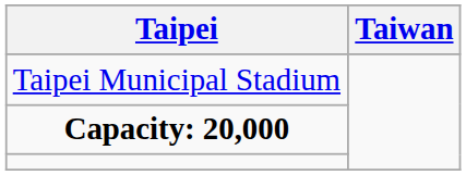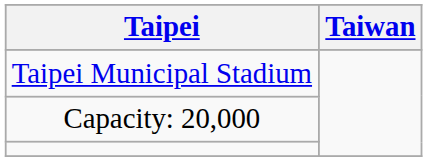 <table class="wikitable" style="text-align:center; margin: 1em auto;">
 <tr>
 <th><a href='#'>Taipei</a></th>
 <th><a href='#'>Taiwan</a></th>
 </tr>
 <tr>
 <td><a href='#'>Taipei Municipal Stadium</a></td>
 <td rowspan=7></td>
 </tr>
 <tr>
-<td><strong>Capacity: 20,000</strong></td>
+<td>Capacity: 20,000</td>
 </tr>
 <tr>
 <td></td>
 </tr>
 </table>
